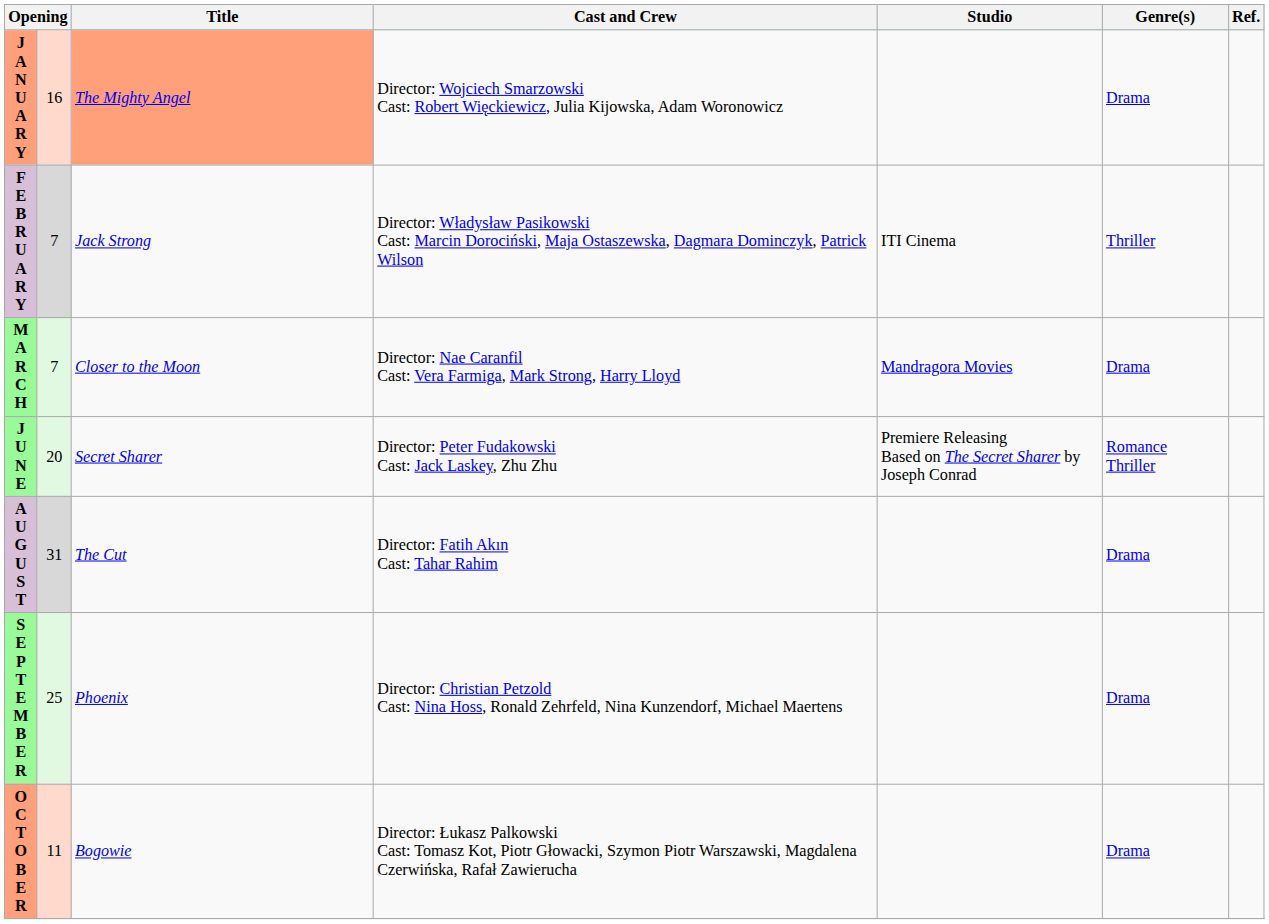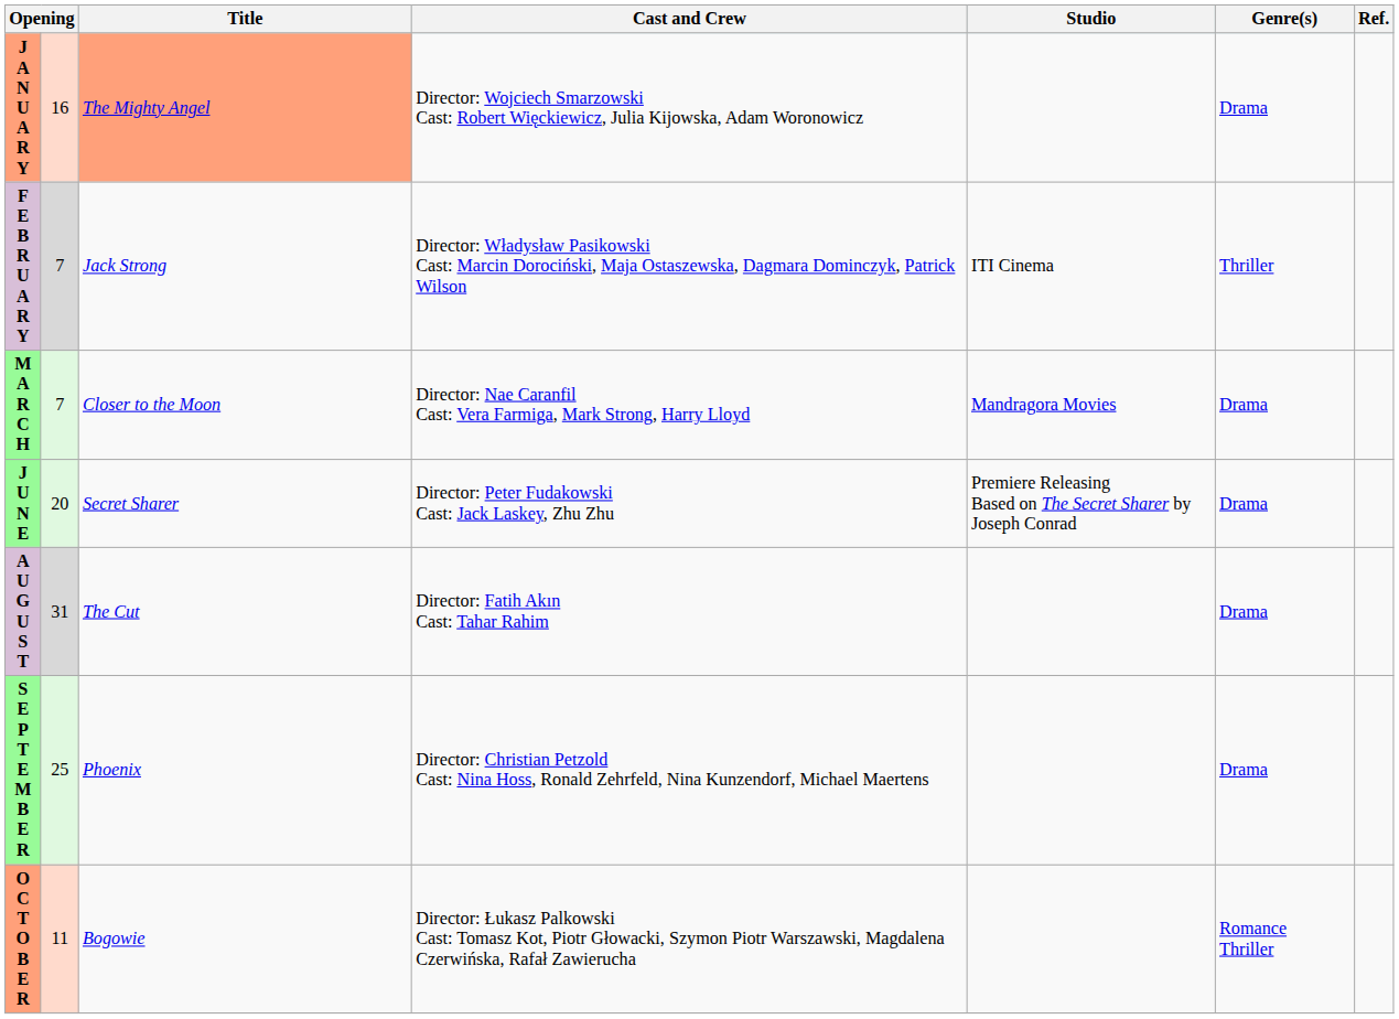 <table class="wikitable">
 <tr style="background:#b0e0e6; text-align:center;">
 <th colspan="2">Opening</th>
 <th style="width:24%;">Title</th>
 <th style="width:40%;">Cast and Crew</th>
 <th>Studio</th>
 <th style="width:10%;">Genre(s)</th>
 <th style="width:2%;">Ref.</th>
 </tr>
 <tr>
 <th rowspan="1" style="text-align:center; background:#ffa07a; textcolor:#000;">J<br>A<br>N<br>U<br>A<br>R<br>Y</th>
 <td rowspan="1" style="text-align:center; background:#ffdacc;">16</td>
 <td style="background: lightsalmon;"><em><a href='#'>The Mighty Angel</a></em></td>
 <td>Director: <a href='#'>Wojciech Smarzowski</a> <br> Cast: <a href='#'>Robert Więckiewicz</a>, Julia Kijowska, Adam Woronowicz</td>
 <td></td>
 <td><a href='#'>Drama</a></td>
 <td style="text-align:center"></td>
 </tr>
 <tr>
 <th rowspan="1" style="text-align:center; background:thistle; textcolor:#000;">F<br>E<br>B<br>R<br>U<br>A<br>R<br>Y</th>
 <td rowspan="1" style="text-align:center; background:#d8d8d8;">7</td>
 <td><em><a href='#'>Jack Strong</a></em></td>
 <td>Director: <a href='#'>Władysław Pasikowski</a> <br> Cast: <a href='#'>Marcin Dorociński</a>, <a href='#'>Maja Ostaszewska</a>, <a href='#'>Dagmara Dominczyk</a>, <a href='#'>Patrick Wilson</a></td>
 <td>ITI Cinema</td>
 <td><a href='#'>Thriller</a></td>
 <td style="text-align:center"></td>
 </tr>
 <tr>
 <th rowspan="1" style="text-align:center; background:#98fb98; textcolor:#000;">M<br>A<br>R<br>C<br>H</th>
 <td rowspan="1" style="text-align:center; background:#e0f9e0;">7</td>
 <td><em><a href='#'>Closer to the Moon</a></em></td>
 <td>Director: <a href='#'>Nae Caranfil</a> <br> Cast: <a href='#'>Vera Farmiga</a>, <a href='#'>Mark Strong</a>, <a href='#'>Harry Lloyd</a></td>
 <td><a href='#'>Mandragora Movies</a></td>
 <td><a href='#'>Drama</a></td>
 <td style="text-align:center"></td>
 </tr>
 <tr>
 <th rowspan="1" style="text-align:center; background:#98fb98; textcolor:#000;">J<br>U<br>N<br>E</th>
 <td rowspan="1" style="text-align:center; background:#e0f9e0;">20</td>
 <td><em><a href='#'>Secret Sharer</a></em></td>
 <td>Director: <a href='#'>Peter Fudakowski</a> <br> Cast: <a href='#'>Jack Laskey</a>, Zhu Zhu</td>
 <td>Premiere Releasing <br> Based on <em><a href='#'>The Secret Sharer</a></em> by Joseph Conrad</td>
-<td><a href='#'>Romance</a> <br> <a href='#'>Thriller</a></td>
+<td><a href='#'>Drama</a></td>
 <td style="text-align:center"></td>
 </tr>
 <tr>
 <th rowspan="1" style="text-align:center; background:thistle; textcolor:#000;">A<br>U<br>G<br>U<br>S<br>T</th>
 <td rowspan="1" style="text-align:center; background:#d8d8d8;">31</td>
 <td><em><a href='#'>The Cut</a></em></td>
 <td>Director: <a href='#'>Fatih Akın</a> <br> Cast: <a href='#'>Tahar Rahim</a></td>
 <td></td>
 <td><a href='#'>Drama</a></td>
 <td style="text-align:center"></td>
 </tr>
 <tr>
 <th rowspan="1" style="text-align:center; background:#98fb98; textcolor:#000;">S<br>E<br>P<br>T<br>E<br>M<br>B<br>E<br>R</th>
 <td rowspan="1" style="text-align:center; background:#e0f9e0;">25</td>
 <td><em><a href='#'>Phoenix</a></em></td>
 <td>Director: <a href='#'>Christian Petzold</a> <br> Cast: <a href='#'>Nina Hoss</a>, Ronald Zehrfeld, Nina Kunzendorf, Michael Maertens</td>
 <td></td>
 <td><a href='#'>Drama</a></td>
 <td style="text-align:center"></td>
 </tr>
 <tr>
 <th rowspan="1" style="text-align:center; background:#ffa07a; textcolor:#000;">O<br>C<br>T<br>O<br>B<br>E<br>R</th>
 <td rowspan="1" style="text-align:center; background:#ffdacc;">11</td>
 <td><em><a href='#'>Bogowie</a></em></td>
 <td>Director: Łukasz Palkowski <br> Cast: Tomasz Kot, Piotr Głowacki, Szymon Piotr Warszawski, Magdalena Czerwińska, Rafał Zawierucha</td>
 <td></td>
-<td><a href='#'>Drama</a></td>
+<td><a href='#'>Romance</a> <br> <a href='#'>Thriller</a></td>
 <td style="text-align:center"></td>
 </tr>
 <tr>
 </tr>
 </table>
